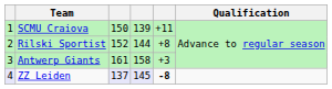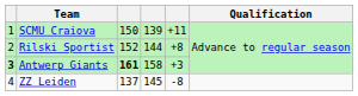 <table class="wikitable" style="text-align:center">
 <tr>
 <th></th>
 <th>Team</th>
 <th></th>
 <th></th>
 <th></th>
 <th>Qualification</th>
 </tr>
 <tr bgcolor="#BBF3BB">
 <td>1</td>
 <td align="left"> <a href='#'>SCMU Craiova</a></td>
 <td>150</td>
 <td>139</td>
 <td>+11</td>
 <td rowspan=3>Advance to <a href='#'>regular season</a></td>
 </tr>
 <tr bgcolor="#BBF3BB">
 <td>2</td>
 <td align="left"> <a href='#'>Rilski Sportist</a></td>
 <td>152</td>
 <td>144</td>
 <td>+8</td>
 </tr>
 <tr bgcolor="#BBF3BB">
-<td>3</td>
+<td><strong>3</strong></td>
 <td align="left"> <a href='#'>Antwerp Giants</a></td>
-<td>161</td>
+<td><strong>161</strong></td>
 <td>158</td>
 <td>+3</td>
 </tr>
 <tr>
-<td style="background: lavender;">4</td>
+<td>4</td>
 <td align="left"> <a href='#'>ZZ Leiden</a></td>
-<td style="background: lavender;">137</td>
-<td style="background: lavender;">145</td>
-<td><strong>-8</strong></td>
+<td>137</td>
+<td>145</td>
+<td>-8</td>
 </tr>
 </table>
